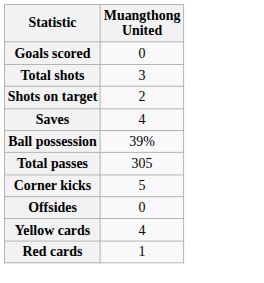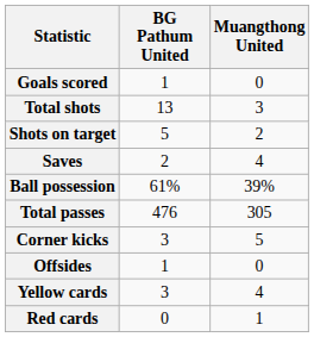 <table class="wikitable plainrowheaders" style="text-align:center">
 <tr>
 <th scope="col">Statistic</th>
+<th scope="col" style="width:80px">BG Pathum United</th>
 <th scope="col" style="width:80px">Muangthong United</th>
 </tr>
 <tr>
 <th scope=row>Goals scored</th>
+<td>1</td>
 <td>0</td>
 </tr>
 <tr>
 <th scope=row>Total shots</th>
+<td>13</td>
 <td>3</td>
 </tr>
 <tr>
 <th scope=row>Shots on target</th>
+<td>5</td>
 <td>2</td>
 </tr>
 <tr>
 <th scope=row>Saves</th>
+<td>2</td>
 <td>4</td>
 </tr>
 <tr>
 <th scope=row>Ball possession</th>
+<td>61%</td>
 <td>39%</td>
 </tr>
 <tr>
 <th scope=row>Total passes</th>
+<td>476</td>
 <td>305</td>
 </tr>
 <tr>
 <th scope=row>Corner kicks</th>
+<td>3</td>
 <td>5</td>
 </tr>
 <tr>
 <th scope=row>Offsides</th>
+<td>1</td>
 <td>0</td>
 </tr>
 <tr>
 <th scope=row>Yellow cards</th>
+<td>3</td>
 <td>4</td>
 </tr>
 <tr>
 <th scope=row>Red cards</th>
+<td>0</td>
 <td>1</td>
 </tr>
 </table>
